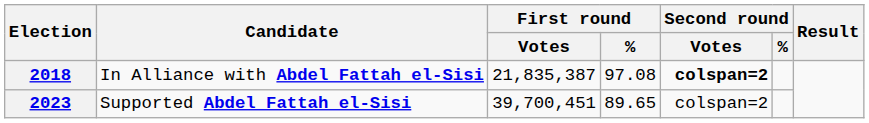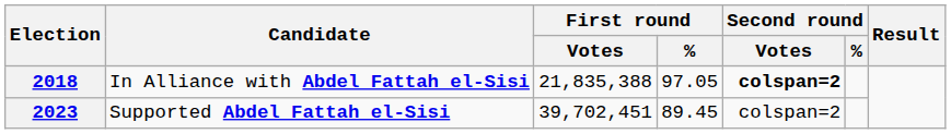 <table class=wikitable style=text-align:right>
 <tr>
 <th rowspan="2">Election</th>
 <th rowspan="2">Candidate</th>
 <th colspan="2" scope="col">First round</th>
 <th colspan="2">Second round</th>
 <th rowspan="2">Result</th>
 </tr>
 <tr>
 <th>Votes</th>
 <th>%</th>
 <th>Votes</th>
 <th>%</th>
 </tr>
 <tr>
 <th><a href='#'>2018</a></th>
 <td align=left>In Alliance with <strong><a href='#'>Abdel Fattah el-Sisi</a></strong></td>
-<td>21,835,387</td>
-<td>97.08</td>
+<td>21,835,388</td>
+<td>97.05</td>
 <td><strong>colspan=2 </strong></td>
 <td></td>
 </tr>
 <tr>
 <th><a href='#'>2023</a></th>
 <td align=left>Supported <strong><a href='#'>Abdel Fattah el-Sisi</a></strong></td>
-<td>39,700,451</td>
-<td>89.65</td>
+<td>39,702,451</td>
+<td>89.45</td>
 <td>colspan=2 </td>
 <td></td>
 </tr>
 </table>
